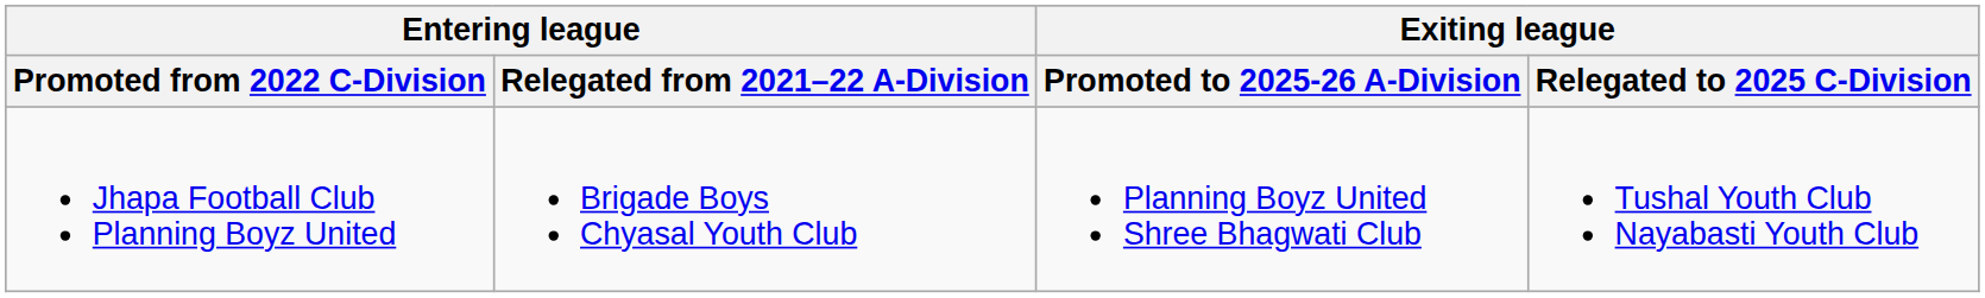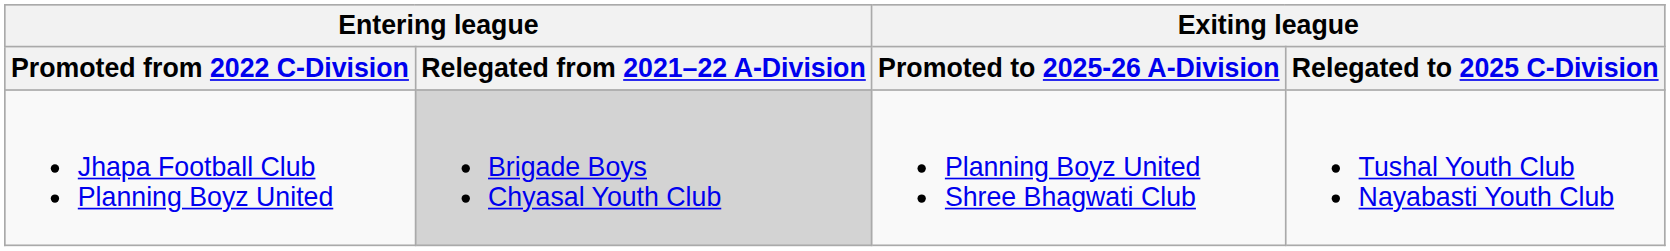 <table class="wikitable">
 <tr>
 <th colspan=2>Entering league</th>
 <th colspan=2>Exiting league</th>
 </tr>
 <tr>
 <th>Promoted from <a href='#'>2022 C-Division</a> </th>
 <th>Relegated from <a href='#'>2021–22 A-Division</a> </th>
 <th>Promoted to <a href='#'>2025-26 A-Division</a></th>
 <th>Relegated to <a href='#'>2025 C-Division</a></th>
 </tr>
 <tr style="vertical-align:top;">
 <td><br><ul><li><a href='#'>Jhapa Football Club</a></li><li><a href='#'>Planning Boyz United</a></li></ul></td>
-<td><br><ul><li><a href='#'>Brigade Boys</a></li><li><a href='#'>Chyasal Youth Club</a></li></ul></td>
+<td style="background: lightgrey;"><br><ul><li><a href='#'>Brigade Boys</a></li><li><a href='#'>Chyasal Youth Club</a></li></ul></td>
 <td><br><ul><li><a href='#'>Planning Boyz United</a></li><li><a href='#'>Shree Bhagwati Club</a></li></ul></td>
 <td><br><ul><li><a href='#'>Tushal Youth Club</a></li><li><a href='#'>Nayabasti Youth Club</a></li></ul></td>
 </tr>
 </table>
